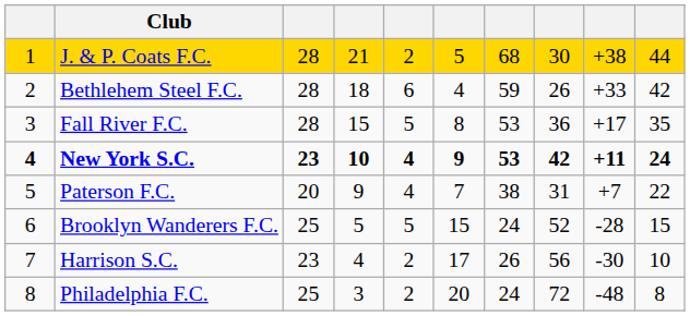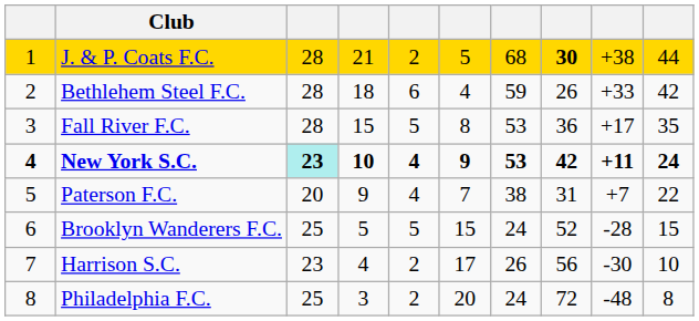 <table class="wikitable" style="text-align:center">
 <tr>
 <th width=30></th>
 <th>Club</th>
 <th width=30></th>
 <th width=30></th>
 <th width=30></th>
 <th width=30></th>
 <th width=30></th>
 <th width=30></th>
 <th width=30></th>
 <th width=30></th>
 </tr>
 <tr bgcolor="gold">
 <td>1</td>
 <td align=left><a href='#'>J. & P. Coats F.C.</a></td>
 <td>28</td>
 <td>21</td>
 <td>2</td>
 <td>5</td>
 <td>68</td>
-<td>30</td>
+<td><strong>30</strong></td>
 <td>+38</td>
 <td>44</td>
 </tr>
 <tr>
 <td>2</td>
 <td align=left><a href='#'>Bethlehem Steel F.C.</a></td>
 <td>28</td>
 <td>18</td>
 <td>6</td>
 <td>4</td>
 <td>59</td>
 <td>26</td>
 <td>+33</td>
 <td>42</td>
 </tr>
 <tr>
 <td>3</td>
 <td align=left><a href='#'>Fall River F.C.</a></td>
 <td>28</td>
 <td>15</td>
 <td>5</td>
 <td>8</td>
 <td>53</td>
 <td>36</td>
 <td>+17</td>
 <td>35</td>
 </tr>
 <tr>
 <td><strong>4</strong></td>
 <td align=left><strong><a href='#'>New York S.C.</a></strong></td>
-<td><strong>23</strong></td>
+<td style="background: paleturquoise;"><strong>23</strong></td>
 <td><strong>10</strong></td>
 <td><strong>4</strong></td>
 <td><strong>9</strong></td>
 <td><strong>53</strong></td>
 <td><strong>42</strong></td>
 <td><strong>+11</strong></td>
 <td><strong>24</strong></td>
 </tr>
 <tr>
 <td>5</td>
 <td align=left><a href='#'>Paterson F.C.</a></td>
 <td>20</td>
 <td>9</td>
 <td>4</td>
 <td>7</td>
 <td>38</td>
 <td>31</td>
 <td>+7</td>
 <td>22</td>
 </tr>
 <tr>
 <td>6</td>
 <td align=left><a href='#'>Brooklyn Wanderers F.C.</a></td>
 <td>25</td>
 <td>5</td>
 <td>5</td>
 <td>15</td>
 <td>24</td>
 <td>52</td>
 <td>-28</td>
 <td>15</td>
 </tr>
 <tr>
 <td>7</td>
 <td align=left><a href='#'>Harrison S.C.</a></td>
 <td>23</td>
 <td>4</td>
 <td>2</td>
 <td>17</td>
 <td>26</td>
 <td>56</td>
 <td>-30</td>
 <td>10</td>
 </tr>
 <tr>
 <td>8</td>
 <td align=left><a href='#'>Philadelphia F.C.</a></td>
 <td>25</td>
 <td>3</td>
 <td>2</td>
 <td>20</td>
 <td>24</td>
 <td>72</td>
 <td>-48</td>
 <td>8</td>
 </tr>
 </table>
